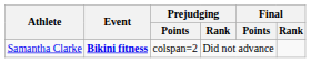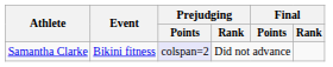 <table class=wikitable style="font-size:90%">
 <tr>
 <th rowspan="2">Athlete</th>
 <th rowspan="2">Event</th>
 <th colspan="2">Prejudging</th>
 <th colspan="2">Final</th>
 </tr>
 <tr style="font-size:95%">
 <th>Points</th>
 <th>Rank</th>
 <th>Points</th>
 <th>Rank</th>
 </tr>
 <tr align=center>
 <td align=left><a href='#'>Samantha Clarke</a></td>
-<td align=left><strong><a href='#'>Bikini fitness</a></strong></td>
-<td>colspan=2 </td>
+<td align=left><a href='#'>Bikini fitness</a></td>
+<td style="background: lavender;">colspan=2 </td>
 <td colspan=2>Did not advance</td>
 </tr>
 </table>
